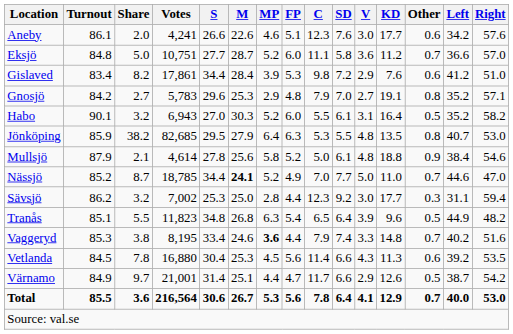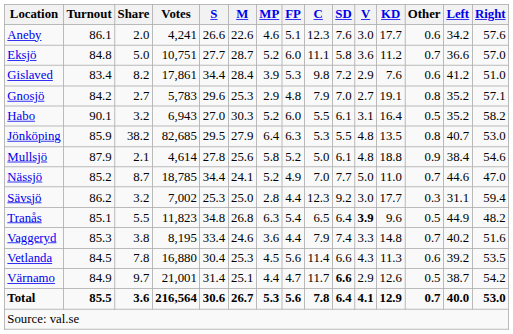 <table class="wikitable sortable" style=text-align:right>
 <tr>
 <th>Location</th>
 <th>Turnout</th>
 <th>Share</th>
 <th>Votes</th>
 <th><a href='#'>S</a></th>
 <th><a href='#'>M</a></th>
 <th><a href='#'>MP</a></th>
 <th><a href='#'>FP</a></th>
 <th><a href='#'>C</a></th>
 <th><a href='#'>SD</a></th>
 <th><a href='#'>V</a></th>
 <th><a href='#'>KD</a></th>
 <th>Other</th>
 <th><a href='#'>Left</a></th>
 <th><a href='#'>Right</a></th>
 </tr>
 <tr>
 <td align=left><a href='#'>Aneby</a></td>
 <td>86.1</td>
 <td>2.0</td>
 <td>4,241</td>
 <td>26.6</td>
 <td>22.6</td>
 <td>4.6</td>
 <td>5.1</td>
 <td>12.3</td>
 <td>7.6</td>
 <td>3.0</td>
 <td>17.7</td>
 <td>0.6</td>
 <td>34.2</td>
 <td>57.6</td>
 </tr>
 <tr>
 <td align=left><a href='#'>Eksjö</a></td>
 <td>84.8</td>
 <td>5.0</td>
 <td>10,751</td>
 <td>27.7</td>
 <td>28.7</td>
 <td>5.2</td>
 <td>6.0</td>
 <td>11.1</td>
 <td>5.8</td>
 <td>3.6</td>
 <td>11.2</td>
 <td>0.7</td>
 <td>36.6</td>
 <td>57.0</td>
 </tr>
 <tr>
 <td align=left><a href='#'>Gislaved</a></td>
 <td>83.4</td>
 <td>8.2</td>
 <td>17,861</td>
 <td>34.4</td>
 <td>28.4</td>
 <td>3.9</td>
 <td>5.3</td>
 <td>9.8</td>
 <td>7.2</td>
 <td>2.9</td>
 <td>7.6</td>
 <td>0.6</td>
 <td>41.2</td>
 <td>51.0</td>
 </tr>
 <tr>
 <td align=left><a href='#'>Gnosjö</a></td>
 <td>84.2</td>
 <td>2.7</td>
 <td>5,783</td>
 <td>29.6</td>
 <td>25.3</td>
 <td>2.9</td>
 <td>4.8</td>
 <td>7.9</td>
 <td>7.0</td>
 <td>2.7</td>
 <td>19.1</td>
 <td>0.8</td>
 <td>35.2</td>
 <td>57.1</td>
 </tr>
 <tr>
 <td align=left><a href='#'>Habo</a></td>
 <td>90.1</td>
 <td>3.2</td>
 <td>6,943</td>
 <td>27.0</td>
 <td>30.3</td>
 <td>5.2</td>
 <td>6.0</td>
 <td>5.5</td>
 <td>6.1</td>
 <td>3.1</td>
 <td>16.4</td>
 <td>0.5</td>
 <td>35.2</td>
 <td>58.2</td>
 </tr>
 <tr>
 <td align=left><a href='#'>Jönköping</a></td>
 <td>85.9</td>
 <td>38.2</td>
 <td>82,685</td>
 <td>29.5</td>
 <td>27.9</td>
 <td>6.4</td>
 <td>6.3</td>
 <td>5.3</td>
 <td>5.5</td>
 <td>4.8</td>
 <td>13.5</td>
 <td>0.8</td>
 <td>40.7</td>
 <td>53.0</td>
 </tr>
 <tr>
 <td align=left><a href='#'>Mullsjö</a></td>
 <td>87.9</td>
 <td>2.1</td>
 <td>4,614</td>
 <td>27.8</td>
 <td>25.6</td>
 <td>5.8</td>
 <td>5.2</td>
 <td>5.0</td>
 <td>6.1</td>
 <td>4.8</td>
 <td>18.8</td>
 <td>0.9</td>
 <td>38.4</td>
 <td>54.6</td>
 </tr>
 <tr>
 <td align=left><a href='#'>Nässjö</a></td>
 <td>85.2</td>
 <td>8.7</td>
 <td>18,785</td>
 <td>34.4</td>
-<td><strong>24.1</strong></td>
+<td>24.1</td>
 <td>5.2</td>
 <td>4.9</td>
 <td>7.0</td>
 <td>7.7</td>
 <td>5.0</td>
 <td>11.0</td>
 <td>0.7</td>
 <td>44.6</td>
 <td>47.0</td>
 </tr>
 <tr>
 <td align=left><a href='#'>Sävsjö</a></td>
 <td>86.2</td>
 <td>3.2</td>
 <td>7,002</td>
 <td>25.3</td>
 <td>25.0</td>
 <td>2.8</td>
 <td>4.4</td>
 <td>12.3</td>
 <td>9.2</td>
 <td>3.0</td>
 <td>17.7</td>
 <td>0.3</td>
 <td>31.1</td>
 <td>59.4</td>
 </tr>
 <tr>
 <td align=left><a href='#'>Tranås</a></td>
 <td>85.1</td>
 <td>5.5</td>
 <td>11,823</td>
 <td>34.8</td>
 <td>26.8</td>
 <td>6.3</td>
 <td>5.4</td>
 <td>6.5</td>
 <td>6.4</td>
-<td>3.9</td>
+<td><strong>3.9</strong></td>
 <td>9.6</td>
 <td>0.5</td>
 <td>44.9</td>
 <td>48.2</td>
 </tr>
 <tr>
 <td align=left><a href='#'>Vaggeryd</a></td>
 <td>85.3</td>
 <td>3.8</td>
 <td>8,195</td>
 <td>33.4</td>
 <td>24.6</td>
-<td><strong>3.6</strong></td>
+<td>3.6</td>
 <td>4.4</td>
 <td>7.9</td>
 <td>7.4</td>
 <td>3.3</td>
 <td>14.8</td>
 <td>0.7</td>
 <td>40.2</td>
 <td>51.6</td>
 </tr>
 <tr>
 <td align=left><a href='#'>Vetlanda</a></td>
 <td>84.5</td>
 <td>7.8</td>
 <td>16,880</td>
 <td>30.4</td>
 <td>25.3</td>
 <td>4.5</td>
 <td>5.6</td>
 <td>11.4</td>
 <td>6.6</td>
 <td>4.3</td>
 <td>11.3</td>
 <td>0.6</td>
 <td>39.2</td>
 <td>53.5</td>
 </tr>
 <tr>
 <td align=left><a href='#'>Värnamo</a></td>
 <td>84.9</td>
 <td>9.7</td>
 <td>21,001</td>
 <td>31.4</td>
 <td>25.1</td>
 <td>4.4</td>
 <td>4.7</td>
 <td>11.7</td>
-<td>6.6</td>
+<td><strong>6.6</strong></td>
 <td>2.9</td>
 <td>12.6</td>
 <td>0.5</td>
 <td>38.7</td>
 <td>54.2</td>
 </tr>
 <tr>
 <td align=left><strong>Total</strong></td>
 <td><strong>85.5</strong></td>
 <td><strong>3.6</strong></td>
 <td><strong>216,564</strong></td>
 <td><strong>30.6</strong></td>
 <td><strong>26.7</strong></td>
 <td><strong>5.3</strong></td>
 <td><strong>5.6</strong></td>
 <td><strong>7.8</strong></td>
 <td><strong>6.4</strong></td>
 <td><strong>4.1</strong></td>
 <td><strong>12.9</strong></td>
 <td><strong>0.7</strong></td>
 <td><strong>40.0</strong></td>
 <td><strong>53.0</strong></td>
 </tr>
 <tr>
 <td align=left colspan=15>Source: val.se </td>
 </tr>
 </table>
